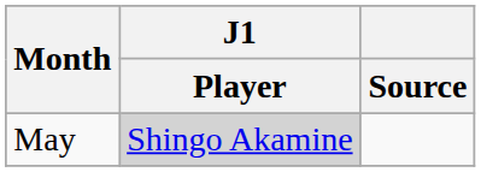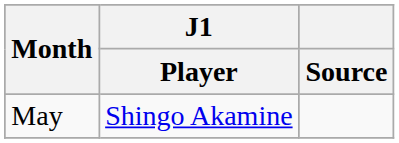 <table class="wikitable">
 <tr>
 <th rowspan="2">Month</th>
 <th>J1</th>
 <th></th>
 </tr>
 <tr>
 <th>Player</th>
 <th>Source</th>
 </tr>
 <tr>
 <td>May</td>
-<td style="background: lightgrey;"><a href='#'>Shingo Akamine</a></td>
+<td><a href='#'>Shingo Akamine</a></td>
 <td website=J.LEAGUE.jp></td>
 </tr>
 </table>
